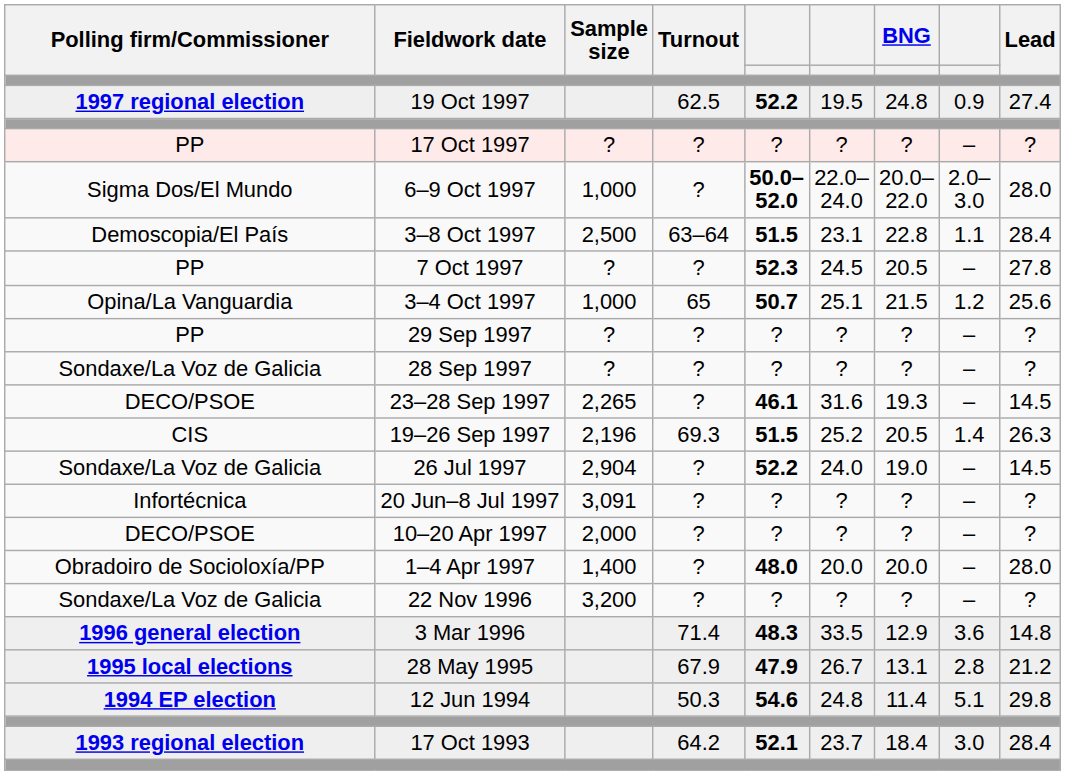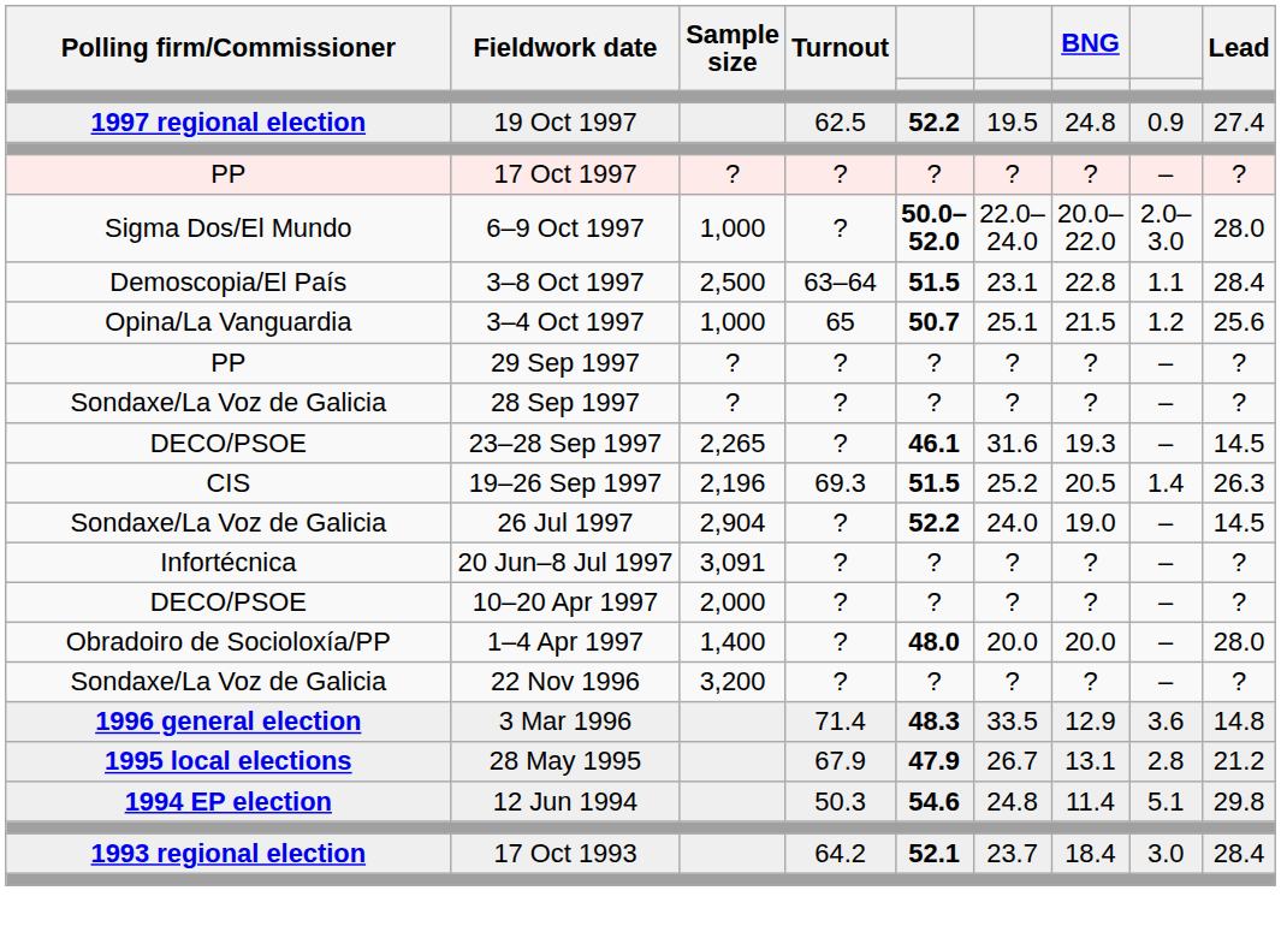 <table class="wikitable collapsible collapsed" style="text-align:center; font-size:95%; line-height:16px;">
 <tr style="height:42px;">
 <th style="width:250px;" rowspan="2">Polling firm/Commissioner</th>
 <th style="width:125px;" rowspan="2">Fieldwork date</th>
 <th style="width:50px;" rowspan="2">Sample size</th>
 <th style="width:45px;" rowspan="2">Turnout</th>
 <th style="width:35px;"></th>
 <th style="width:35px;"></th>
 <th style="width:35px;"><a href='#'>BNG</a></th>
 <th style="width:35px;"></th>
 <th style="width:30px;" rowspan="2">Lead</th>
 </tr>
 <tr>
 <th style="color:inherit;background:"></th>
 <th style="color:inherit;background:"></th>
 <th style="color:inherit;background:"></th>
 <th style="color:inherit;background:"></th>
 </tr>
 <tr>
 <td colspan="9" style="background:#A0A0A0"></td>
 </tr>
 <tr style="background:#EFEFEF;">
 <td><strong><a href='#'>1997 regional election</a></strong></td>
 <td>19 Oct 1997</td>
 <td></td>
 <td>62.5</td>
 <td><strong>52.2</strong><br></td>
 <td>19.5<br></td>
 <td>24.8<br></td>
 <td>0.9<br></td>
 <td style="background:">27.4</td>
 </tr>
 <tr>
 <td colspan="9" style="background:#A0A0A0"></td>
 </tr>
 <tr style="background:#FFEAEA;">
 <td>PP</td>
 <td>17 Oct 1997</td>
 <td>?</td>
 <td>?</td>
 <td>?<br></td>
 <td>?<br></td>
 <td>?<br></td>
 <td>–</td>
 <td style="background:">?</td>
 </tr>
 <tr>
 <td>Sigma Dos/El Mundo</td>
 <td>6–9 Oct 1997</td>
 <td>1,000</td>
 <td>?</td>
 <td><strong>50.0–<br>52.0</strong><br></td>
 <td>22.0–<br>24.0<br></td>
 <td>20.0–<br>22.0<br></td>
 <td>2.0–<br>3.0<br></td>
 <td style="background:">28.0</td>
 </tr>
 <tr>
 <td>Demoscopia/El País</td>
 <td>3–8 Oct 1997</td>
 <td>2,500</td>
 <td>63–64</td>
 <td><strong>51.5</strong><br></td>
 <td>23.1<br></td>
 <td>22.8<br></td>
 <td>1.1<br></td>
 <td style="background:">28.4</td>
-</tr>
-<tr>
-<td>PP</td>
-<td>7 Oct 1997</td>
-<td>?</td>
-<td>?</td>
-<td><strong>52.3</strong><br></td>
-<td>24.5<br></td>
-<td>20.5<br></td>
-<td>–</td>
-<td style="background:">27.8</td>
 </tr>
 <tr>
 <td>Opina/La Vanguardia</td>
 <td>3–4 Oct 1997</td>
 <td>1,000</td>
 <td>65</td>
 <td><strong>50.7</strong><br></td>
 <td>25.1<br></td>
 <td>21.5<br></td>
 <td>1.2<br></td>
 <td style="background:">25.6</td>
 </tr>
 <tr>
 <td>PP</td>
 <td>29 Sep 1997</td>
 <td>?</td>
 <td>?</td>
 <td>?<br></td>
 <td>?<br></td>
 <td>?<br></td>
 <td>–</td>
 <td style="background:">?</td>
 </tr>
 <tr>
 <td>Sondaxe/La Voz de Galicia</td>
 <td>28 Sep 1997</td>
 <td>?</td>
 <td>?</td>
 <td>?<br></td>
 <td>?<br></td>
 <td>?<br></td>
 <td>–</td>
 <td style="background:">?</td>
 </tr>
 <tr>
 <td>DECO/PSOE</td>
 <td>23–28 Sep 1997</td>
 <td>2,265</td>
 <td>?</td>
 <td><strong>46.1</strong><br></td>
 <td>31.6<br></td>
 <td>19.3<br></td>
 <td>–</td>
 <td style="background:">14.5</td>
 </tr>
 <tr>
 <td>CIS</td>
 <td>19–26 Sep 1997</td>
 <td>2,196</td>
 <td>69.3</td>
 <td><strong>51.5</strong><br></td>
 <td>25.2<br></td>
 <td>20.5<br></td>
 <td>1.4<br></td>
 <td style="background:">26.3</td>
 </tr>
 <tr>
 <td>Sondaxe/La Voz de Galicia</td>
 <td>26 Jul 1997</td>
 <td>2,904</td>
 <td>?</td>
 <td><strong>52.2</strong><br></td>
 <td>24.0<br></td>
 <td>19.0<br></td>
 <td>–</td>
 <td style="background:">14.5</td>
 </tr>
 <tr>
 <td>Infortécnica</td>
 <td>20 Jun–8 Jul 1997</td>
 <td>3,091</td>
 <td>?</td>
 <td>?<br></td>
 <td>?<br></td>
 <td>?<br></td>
 <td>–</td>
 <td style="background:">?</td>
 </tr>
 <tr>
 <td>DECO/PSOE</td>
 <td>10–20 Apr 1997</td>
 <td>2,000</td>
 <td>?</td>
 <td>?<br></td>
 <td>?<br></td>
 <td>?<br></td>
 <td>–</td>
 <td style="background:">?</td>
 </tr>
 <tr>
 <td>Obradoiro de Socioloxía/PP</td>
 <td>1–4 Apr 1997</td>
 <td>1,400</td>
 <td>?</td>
 <td><strong>48.0</strong><br></td>
 <td>20.0<br></td>
 <td>20.0<br></td>
 <td>–</td>
 <td style="background:">28.0</td>
 </tr>
 <tr>
 <td>Sondaxe/La Voz de Galicia</td>
 <td>22 Nov 1996</td>
 <td>3,200</td>
 <td>?</td>
 <td>?<br></td>
 <td>?<br></td>
 <td>?<br></td>
 <td>–</td>
 <td style="background:">?</td>
 </tr>
 <tr style="background:#EFEFEF;">
 <td><strong><a href='#'>1996 general election</a></strong></td>
 <td>3 Mar 1996</td>
 <td></td>
 <td>71.4</td>
 <td><strong>48.3</strong><br></td>
 <td>33.5<br></td>
 <td>12.9<br></td>
 <td>3.6<br></td>
 <td style="background:">14.8</td>
 </tr>
 <tr style="background:#EFEFEF;">
 <td><strong><a href='#'>1995 local elections</a></strong></td>
 <td>28 May 1995</td>
 <td></td>
 <td>67.9</td>
 <td><strong>47.9</strong></td>
 <td>26.7</td>
 <td>13.1</td>
 <td>2.8</td>
 <td style="background:">21.2</td>
 </tr>
 <tr style="background:#EFEFEF;">
 <td><strong><a href='#'>1994 EP election</a></strong></td>
 <td>12 Jun 1994</td>
 <td></td>
 <td>50.3</td>
 <td><strong>54.6</strong><br></td>
 <td>24.8<br></td>
 <td>11.4<br></td>
 <td>5.1<br></td>
 <td style="background:">29.8</td>
 </tr>
 <tr>
 <td colspan="9" style="background:#A0A0A0"></td>
 </tr>
 <tr style="background:#EFEFEF;">
 <td><strong><a href='#'>1993 regional election</a></strong></td>
 <td>17 Oct 1993</td>
 <td></td>
 <td>64.2</td>
 <td><strong>52.1</strong><br></td>
 <td>23.7<br></td>
 <td>18.4<br></td>
 <td>3.0<br></td>
 <td style="background:">28.4</td>
 </tr>
 <tr>
 <td colspan="9" style="background:#A0A0A0"></td>
 </tr>
 </table>
